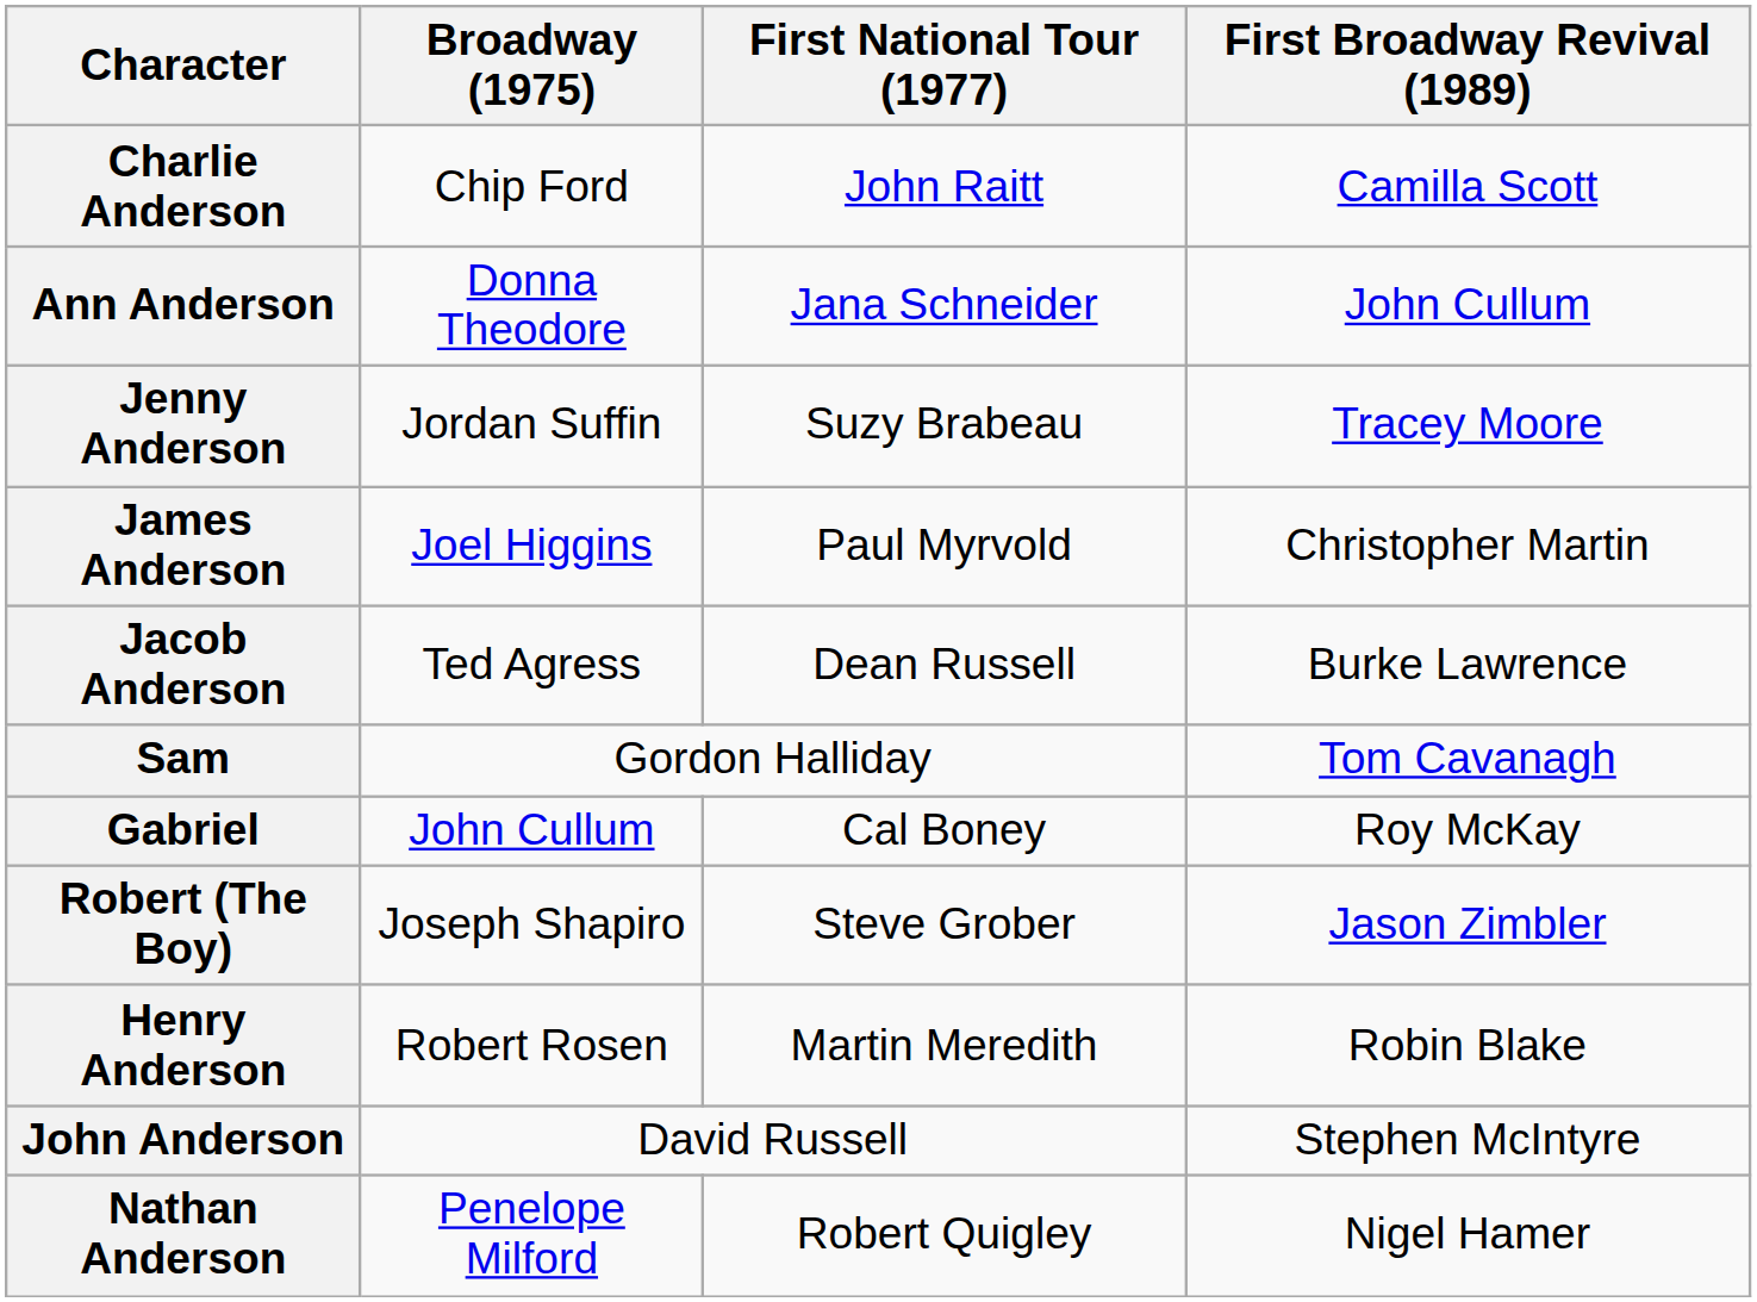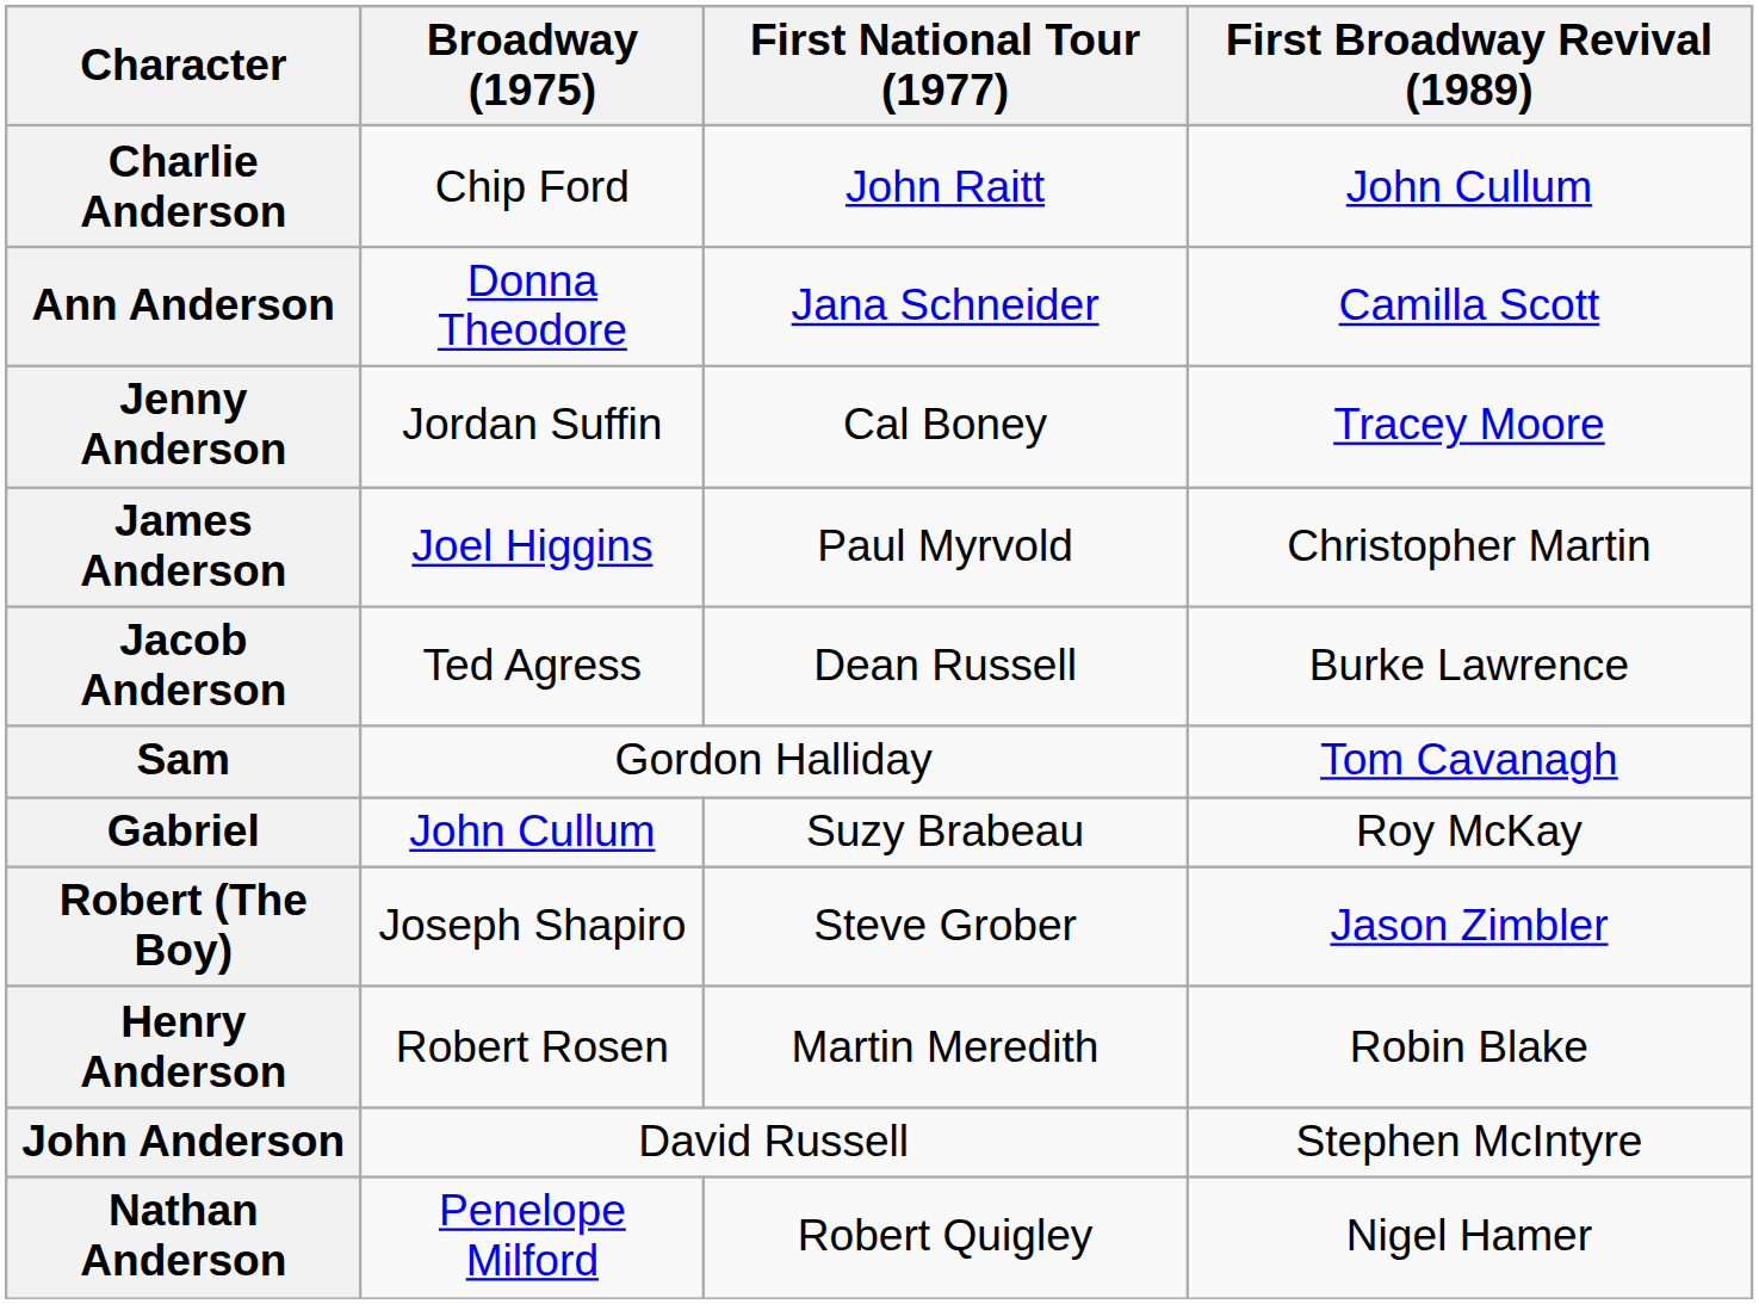 <table class="wikitable" style="width:50%; text-align:center">
 <tr>
 <th scope="col">Character</th>
 <th>Broadway (1975)</th>
 <th>First National Tour (1977)</th>
 <th>First Broadway Revival (1989)</th>
 </tr>
 <tr>
 <th>Charlie Anderson</th>
 <td colspan="1">Chip Ford</td>
 <td colspan="1"><a href='#'>John Raitt</a></td>
-<td colspan="1”"><a href='#'>Camilla Scott</a></td>
+<td colspan="1"><a href='#'>John Cullum</a></td>
 </tr>
 <tr>
 <th>Ann Anderson</th>
 <td colspan="1”"><a href='#'>Donna Theodore</a></td>
 <td colspan="1”"><a href='#'>Jana Schneider</a></td>
-<td colspan="1"><a href='#'>John Cullum</a></td>
+<td colspan="1”"><a href='#'>Camilla Scott</a></td>
 </tr>
 <tr>
 <th>Jenny Anderson</th>
 <td colspan="1">Jordan Suffin</td>
-<td colspan="1”">Suzy Brabeau</td>
+<td colspan="1">Cal Boney</td>
 <td colspan="1”"><a href='#'>Tracey Moore</a></td>
 </tr>
 <tr>
 <th>James Anderson</th>
 <td colspan="1"><a href='#'>Joel Higgins</a></td>
 <td colspan="1">Paul Myrvold</td>
 <td colspan="1">Christopher Martin</td>
 </tr>
 <tr>
 <th>Jacob Anderson</th>
 <td colspan="1">Ted Agress</td>
 <td colspan="1">Dean Russell</td>
 <td colspan="1">Burke Lawrence</td>
 </tr>
 <tr>
 <th>Sam</th>
 <td colspan="2">Gordon Halliday</td>
 <td colspan="2"><a href='#'>Tom Cavanagh</a></td>
 </tr>
 <tr>
 <th>Gabriel</th>
 <td colspan="1"><a href='#'>John Cullum</a></td>
-<td colspan="1">Cal Boney</td>
+<td colspan="1”">Suzy Brabeau</td>
 <td colspan="1">Roy McKay</td>
 </tr>
 <tr>
 <th>Robert (The Boy)</th>
 <td colspan="1">Joseph Shapiro</td>
 <td colspan="1">Steve Grober</td>
 <td colspan="1"><a href='#'>Jason Zimbler</a></td>
 </tr>
 <tr>
 <th>Henry Anderson</th>
 <td colspan="1">Robert Rosen</td>
 <td colspan="1">Martin Meredith</td>
 <td colspan="1">Robin Blake</td>
 </tr>
 <tr>
 <th>John Anderson</th>
 <td colspan="2">David Russell</td>
 <td colspan="2">Stephen McIntyre</td>
 </tr>
 <tr>
 <th>Nathan Anderson</th>
 <td colspan="1”"><a href='#'>Penelope Milford</a></td>
 <td colspan="1">Robert Quigley</td>
 <td colspan="1">Nigel Hamer</td>
 </tr>
 </table>
